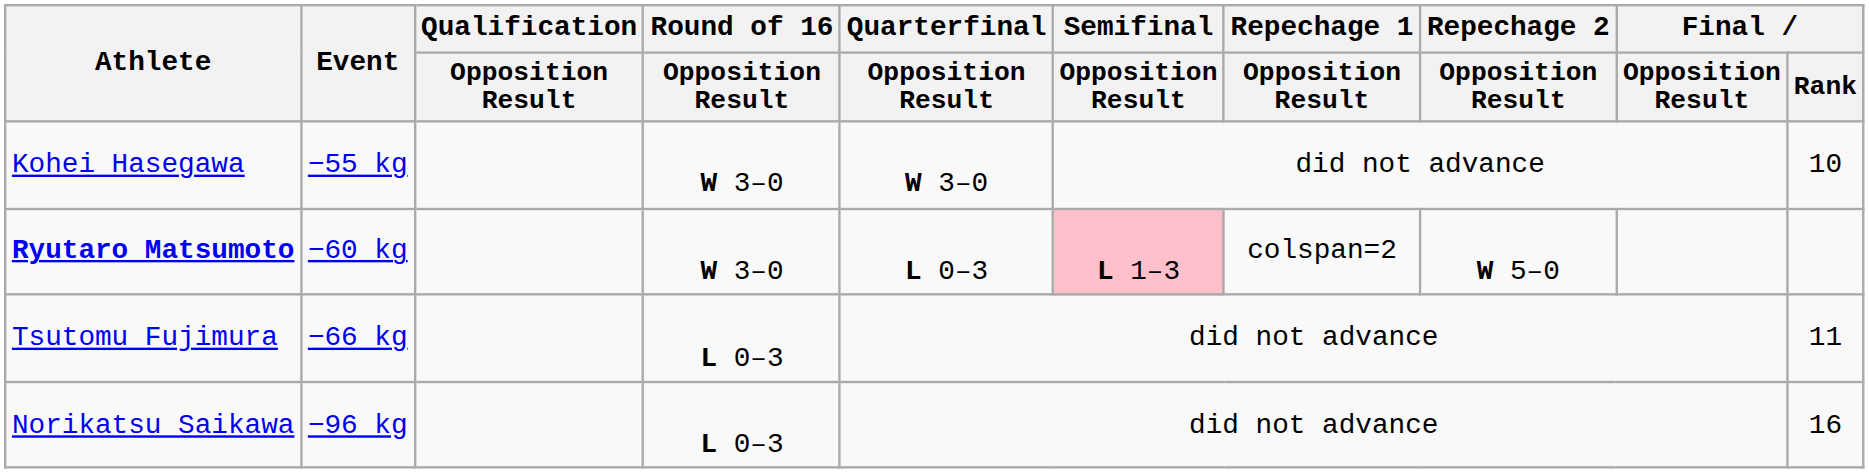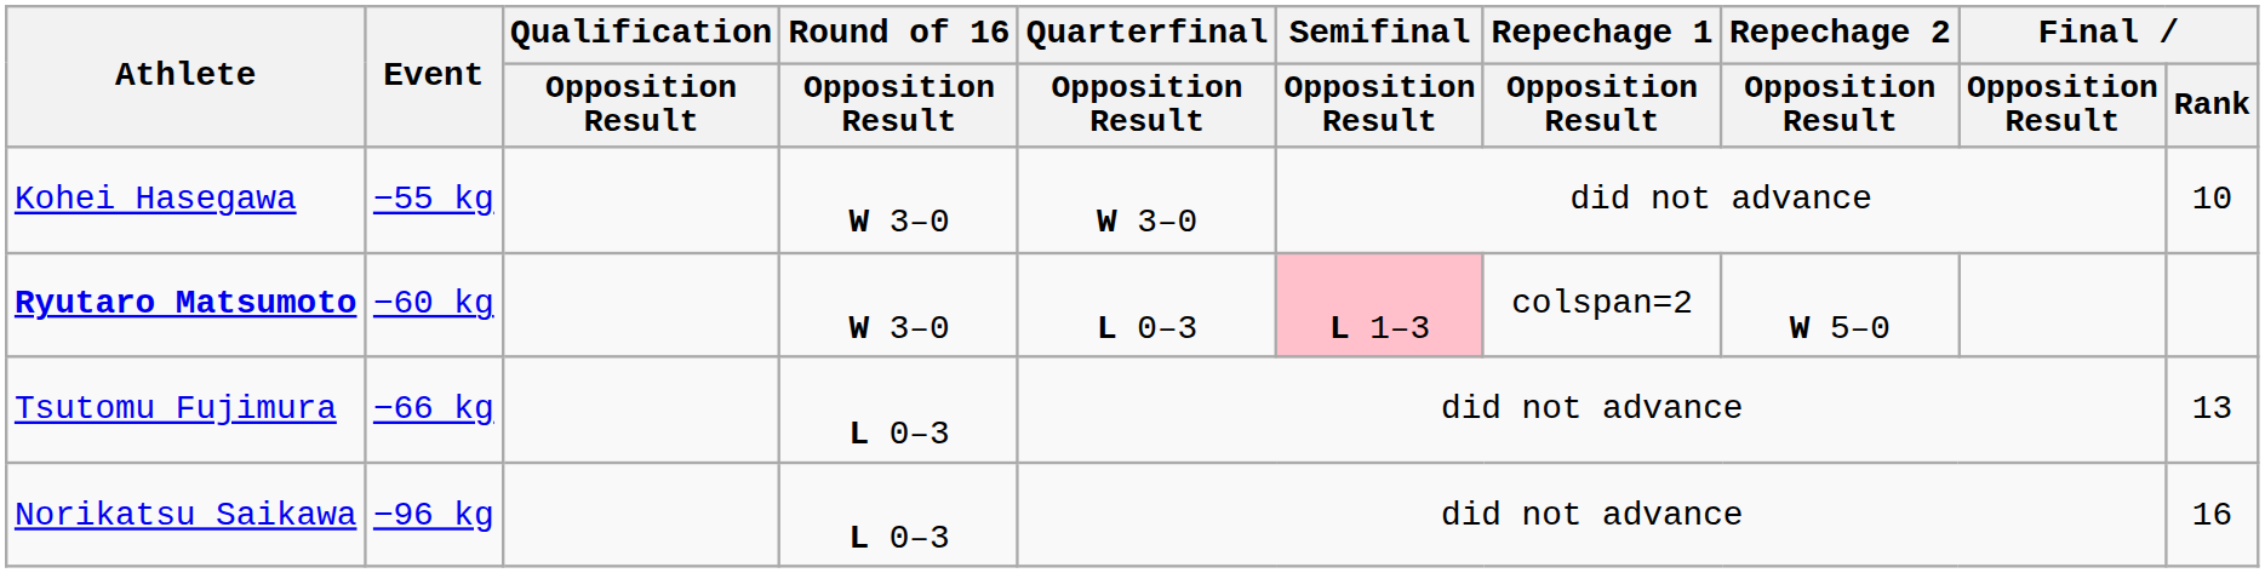 <table class="wikitable" style="font-size:90%">
 <tr>
 <th rowspan="2">Athlete</th>
 <th rowspan="2">Event</th>
 <th>Qualification</th>
 <th>Round of 16</th>
 <th>Quarterfinal</th>
 <th>Semifinal</th>
 <th>Repechage 1</th>
 <th>Repechage 2</th>
 <th colspan=2>Final / </th>
 </tr>
 <tr style="font-size: 95%">
 <th>Opposition<br>Result</th>
 <th>Opposition<br>Result</th>
 <th>Opposition<br>Result</th>
 <th>Opposition<br>Result</th>
 <th>Opposition<br>Result</th>
 <th>Opposition<br>Result</th>
 <th>Opposition<br>Result</th>
 <th>Rank</th>
 </tr>
 <tr align=center>
 <td align=left><a href='#'>Kohei Hasegawa</a></td>
 <td align=left><a href='#'>−55 kg</a></td>
 <td></td>
 <td><br><strong>W</strong> 3–0 <sup></sup></td>
 <td><br><strong>W</strong> 3–0 <sup></sup></td>
 <td colspan=4>did not advance</td>
 <td>10</td>
 </tr>
 <tr align=center>
 <td align=left><strong><a href='#'>Ryutaro Matsumoto</a></strong></td>
 <td align=left><a href='#'>−60 kg</a></td>
 <td></td>
 <td><br><strong>W</strong> 3–0 <sup></sup></td>
 <td><br><strong>L</strong> 0–3 <sup></sup></td>
 <td style="background: pink;"><br><strong>L</strong> 1–3 <sup></sup></td>
 <td>colspan=2 </td>
 <td><br><strong>W</strong> 5–0 <sup></sup></td>
 <td></td>
 </tr>
 <tr align=center>
 <td align=left><a href='#'>Tsutomu Fujimura</a></td>
 <td align=left><a href='#'>−66 kg</a></td>
 <td></td>
 <td><br><strong>L</strong> 0–3 <sup></sup></td>
 <td colspan=5>did not advance</td>
-<td>11</td>
+<td>13</td>
 </tr>
 <tr align=center>
 <td align=left><a href='#'>Norikatsu Saikawa</a></td>
 <td align=left><a href='#'>−96 kg</a></td>
 <td></td>
 <td><br><strong>L</strong> 0–3 <sup></sup></td>
 <td colspan=5>did not advance</td>
 <td>16</td>
 </tr>
 </table>
